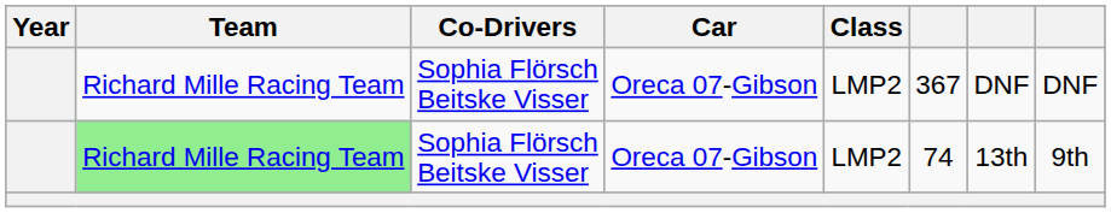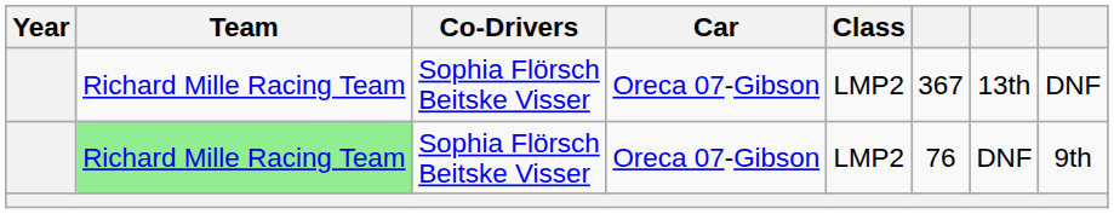 <table class="wikitable" style="text-align:center; font-size:85%">
 <tr>
 <th scope="col">Year</th>
 <th scope="col">Team</th>
 <th scope="col">Co-Drivers</th>
 <th scope="col">Car</th>
 <th scope="col">Class</th>
 <th scope="col"></th>
 <th scope="col"></th>
 <th scope="col"></th>
 </tr>
 <tr>
 <th></th>
 <td align="left" nowrap> <a href='#'>Richard Mille Racing Team</a></td>
 <td align="left" nowrap> <a href='#'>Sophia Flörsch</a><br> <a href='#'>Beitske Visser</a></td>
 <td align="left" nowrap><a href='#'>Oreca 07</a>-<a href='#'>Gibson</a></td>
 <td>LMP2</td>
 <td>367</td>
-<td>DNF</td>
+<td>13th</td>
 <td>DNF</td>
 </tr>
 <tr>
 <th></th>
 <td align="left" nowrap style="background: lightgreen;"> <a href='#'>Richard Mille Racing Team</a></td>
 <td align="left" nowrap> <a href='#'>Sophia Flörsch</a><br> <a href='#'>Beitske Visser</a></td>
 <td align="left" nowrap><a href='#'>Oreca 07</a>-<a href='#'>Gibson</a></td>
 <td>LMP2</td>
-<td>74</td>
-<td>13th</td>
+<td>76</td>
+<td>DNF</td>
 <td>9th</td>
 </tr>
 <tr>
 <th colspan="8"></th>
 </tr>
 </table>
